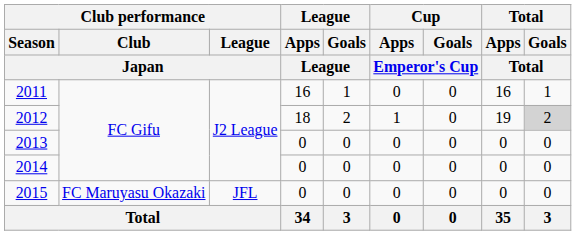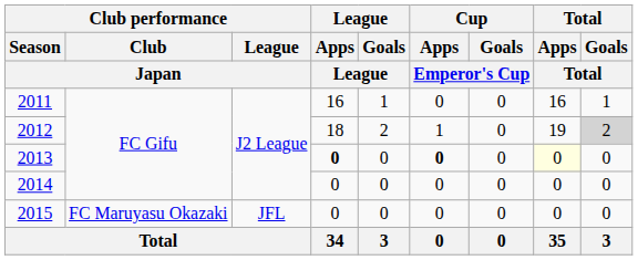 <table class="wikitable" style="text-align:center;">
 <tr>
 <th colspan=3>Club performance</th>
 <th colspan=2>League</th>
 <th colspan=2>Cup</th>
 <th colspan=2>Total</th>
 </tr>
 <tr>
 <th>Season</th>
 <th>Club</th>
 <th>League</th>
 <th>Apps</th>
 <th>Goals</th>
 <th>Apps</th>
 <th>Goals</th>
 <th>Apps</th>
 <th>Goals</th>
 </tr>
 <tr>
 <th colspan=3>Japan</th>
 <th colspan=2>League</th>
 <th colspan=2><a href='#'>Emperor's Cup</a></th>
 <th colspan=2>Total</th>
 </tr>
 <tr>
 <td><a href='#'>2011</a></td>
 <td rowspan="4"><a href='#'>FC Gifu</a></td>
 <td rowspan="4"><a href='#'>J2 League</a></td>
 <td>16</td>
 <td>1</td>
 <td>0</td>
 <td>0</td>
 <td>16</td>
 <td>1</td>
 </tr>
 <tr>
 <td><a href='#'>2012</a></td>
 <td>18</td>
 <td>2</td>
 <td>1</td>
 <td>0</td>
 <td>19</td>
 <td style="background: lightgrey;">2</td>
 </tr>
 <tr>
 <td><a href='#'>2013</a></td>
+<td><strong>0</strong></td>
 <td>0</td>
+<td><strong>0</strong></td>
 <td>0</td>
-<td>0</td>
-<td>0</td>
-<td>0</td>
+<td style="background: lightyellow;">0</td>
 <td>0</td>
 </tr>
 <tr>
 <td><a href='#'>2014</a></td>
 <td>0</td>
 <td>0</td>
 <td>0</td>
 <td>0</td>
 <td>0</td>
 <td>0</td>
 </tr>
 <tr>
 <td><a href='#'>2015</a></td>
 <td rowspan="1"><a href='#'>FC Maruyasu Okazaki</a></td>
 <td rowspan="1"><a href='#'>JFL</a></td>
 <td>0</td>
 <td>0</td>
 <td>0</td>
 <td>0</td>
 <td>0</td>
 <td>0</td>
 </tr>
 <tr>
 <th colspan=3>Total</th>
 <th>34</th>
 <th>3</th>
 <th>0</th>
 <th>0</th>
 <th>35</th>
 <th>3</th>
 </tr>
 </table>
